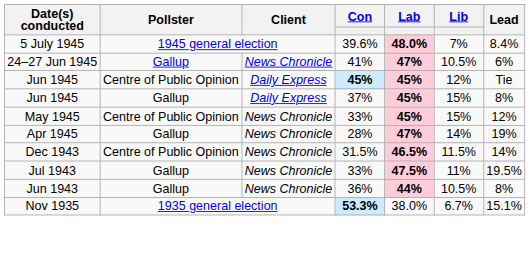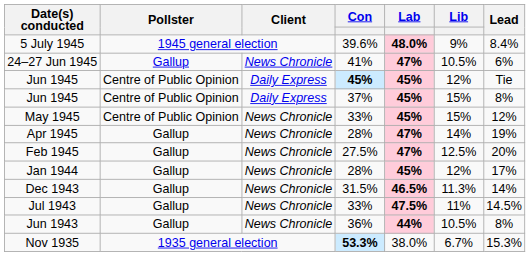 <table class="wikitable sortable mw-datatable" style="text-align:center;font-size:90%;line-height:14px;">
 <tr>
 <th rowspan="2">Date(s)<br>conducted</th>
 <th rowspan="2">Pollster</th>
 <th rowspan="2">Client</th>
 <th class="unsortable" style="width:50px;"><a href='#'>Con</a></th>
 <th class="unsortable" style="width:50px;"><a href='#'>Lab</a></th>
 <th class="unsortable" style="width:50px;"><a href='#'>Lib</a></th>
 <th rowspan="2">Lead</th>
 </tr>
 <tr>
 <th style="background:"></th>
 <th style="background:"></th>
 <th style="background:"></th>
 </tr>
 <tr>
 <td>5 July 1945</td>
 <td colspan="2"><a href='#'>1945 general election</a></td>
 <td>39.6%</td>
 <td style="background:#FFCCDA;"><strong>48.0%</strong></td>
-<td>7%</td>
+<td>9%</td>
 <td style="background:">8.4%</td>
 </tr>
 <tr>
 <td>24–27 Jun 1945</td>
 <td><a href='#'>Gallup</a></td>
 <td><em><a href='#'>News Chronicle</a></em></td>
 <td>41%</td>
 <td style="background:#FFCCDA;"><strong>47%</strong></td>
 <td>10.5%</td>
 <td style="background:">6%</td>
 </tr>
 <tr>
 <td>Jun 1945</td>
 <td>Centre of Public Opinion</td>
 <td><em><a href='#'>Daily Express</a></em></td>
 <td style="background:#CCEBFF;"><strong>45%</strong></td>
 <td style="background:#FFCCDA;"><strong>45%</strong></td>
 <td>12%</td>
 <td>Tie</td>
 </tr>
 <tr>
 <td>Jun 1945</td>
-<td>Gallup</td>
+<td>Centre of Public Opinion</td>
 <td><em><a href='#'>Daily Express</a></em></td>
 <td>37%</td>
 <td style="background:#FFCCDA;"><strong>45%</strong></td>
 <td>15%</td>
 <td style="background:">8%</td>
 </tr>
 <tr>
 <td>May 1945</td>
 <td>Centre of Public Opinion</td>
 <td><em>News Chronicle</em></td>
 <td>33%</td>
 <td style="background:#FFCCDA;"><strong>45%</strong></td>
 <td>15%</td>
 <td style="background:">12%</td>
 </tr>
 <tr>
 <td>Apr 1945</td>
 <td>Gallup</td>
 <td><em>News Chronicle</em></td>
 <td>28%</td>
 <td style="background:#FFCCDA;"><strong>47%</strong></td>
 <td>14%</td>
 <td style="background:">19%</td>
 </tr>
 <tr>
+<td>Feb 1945</td>
+<td>Gallup</td>
+<td><em>News Chronicle</em></td>
+<td>27.5%</td>
+<td style="background:#FFCCDA;"><strong>47%</strong></td>
+<td>12.5%</td>
+<td style="background:">20%</td>
+</tr>
+<tr>
+<td>Jan 1944</td>
+<td>Gallup</td>
+<td><em>News Chronicle</em></td>
+<td>28%</td>
+<td style="background:#FFCCDA;"><strong>45%</strong></td>
+<td>12%</td>
+<td style="background:">17%</td>
+</tr>
+<tr>
 <td>Dec 1943</td>
-<td>Centre of Public Opinion</td>
+<td>Gallup</td>
 <td><em>News Chronicle</em></td>
 <td>31.5%</td>
 <td style="background:#FFCCDA;"><strong>46.5%</strong></td>
-<td>11.5%</td>
+<td>11.3%</td>
 <td style="background:">14%</td>
 </tr>
 <tr>
 <td>Jul 1943</td>
 <td>Gallup</td>
 <td><em>News Chronicle</em></td>
 <td>33%</td>
 <td style="background:#FFCCDA;"><strong>47.5%</strong></td>
 <td>11%</td>
-<td style="background:">19.5%</td>
+<td style="background:">14.5%</td>
 </tr>
 <tr>
 <td>Jun 1943</td>
 <td>Gallup</td>
 <td><em>News Chronicle</em></td>
 <td>36%</td>
 <td style="background:#FFCCDA;"><strong>44%</strong></td>
 <td>10.5%</td>
 <td style="background:">8%</td>
 </tr>
 <tr>
 <td>Nov 1935</td>
 <td colspan="2"><a href='#'>1935 general election</a></td>
 <td style="background:#CCEBFF;"><strong>53.3%</strong></td>
 <td>38.0%</td>
 <td>6.7%</td>
-<td style="background:">15.1%</td>
+<td style="background:">15.3%</td>
 </tr>
 </table>
